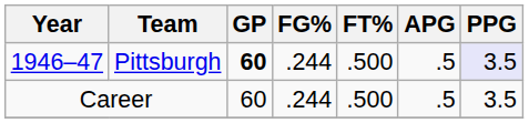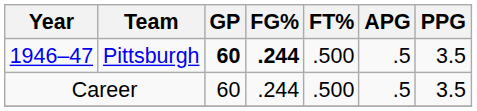 <table class="wikitable sortable" style="font-size:95%; text-align:right;">
 <tr>
 <th>Year</th>
 <th>Team</th>
 <th>GP</th>
 <th>FG%</th>
 <th>FT%</th>
 <th>APG</th>
 <th>PPG</th>
 </tr>
 <tr>
 <td style="text-align:left;"><a href='#'>1946–47</a></td>
 <td style="text-align:left;"><a href='#'>Pittsburgh</a></td>
 <td><strong>60</strong></td>
-<td>.244</td>
+<td><strong>.244</strong></td>
 <td>.500</td>
 <td>.5</td>
-<td style="background: lavender;">3.5</td>
+<td>3.5</td>
 </tr>
 <tr>
 <td style="text-align:center;" colspan="2">Career</td>
 <td>60</td>
 <td>.244</td>
 <td>.500</td>
 <td>.5</td>
 <td>3.5</td>
 </tr>
 <tr>
 </tr>
 </table>
